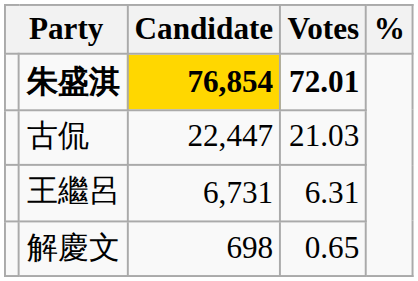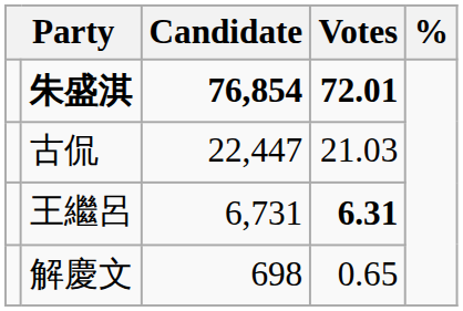 <table class="wikitable">
 <tr>
 <th colspan="2">Party</th>
 <th>Candidate</th>
 <th>Votes</th>
 <th>%</th>
 </tr>
 <tr>
 <td></td>
 <td><strong>朱盛淇</strong></td>
-<td align="right" style="background: gold;"><strong>76,854</strong></td>
+<td align="right"><strong>76,854</strong></td>
 <td align="right"><strong>72.01</strong></td>
 </tr>
 <tr>
 <td></td>
 <td>古侃</td>
 <td align="right">22,447</td>
 <td align="right">21.03</td>
 </tr>
 <tr>
 <td></td>
 <td>王繼呂</td>
 <td align="right">6,731</td>
-<td align="right">6.31</td>
+<td align="right"><strong>6.31</strong></td>
 </tr>
 <tr>
 <td></td>
 <td>解慶文</td>
 <td align="right">698</td>
 <td align="right">0.65</td>
 </tr>
 </table>
